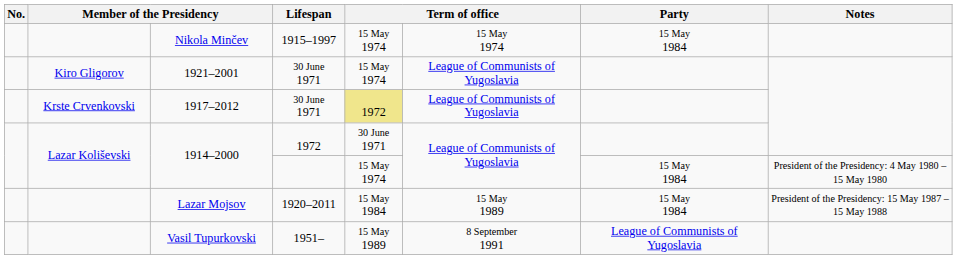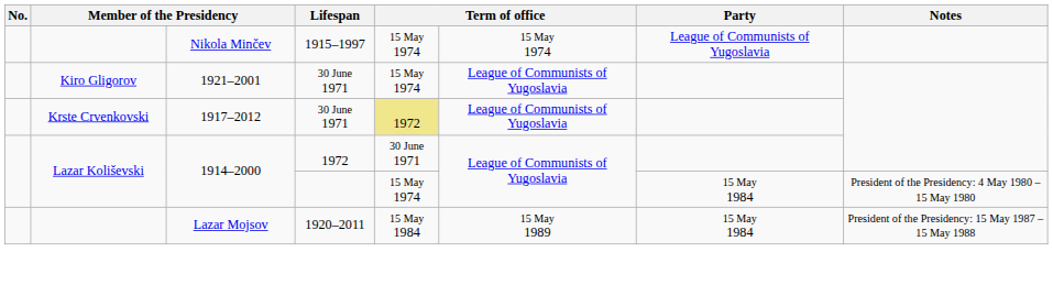 <table class="wikitable" style="text-align:center">
 <tr>
 <th>No.</th>
 <th colspan="2">Member of the Presidency</th>
 <th>Lifespan</th>
 <th colspan="2">Term of office</th>
 <th>Party</th>
 <th>Notes</th>
 </tr>
 <tr>
 <td style="background: "></td>
 <td style="width:1em;"></td>
 <td style="width:11em;"><a href='#'>Nikola Minčev</a></td>
 <td style="width:6em;">1915–1997</td>
 <td style="width:5em;"><small>15 May</small><br>1974</td>
 <td style="width:5em;"><small>15 May</small><br>1974</td>
-<td style="width:5em;"><small>15 May</small><br>1984</td>
+<td style="width:17em;"><a href='#'>League of Communists of Yugoslavia</a></td>
 <td style="width:18em;"><small></small></td>
 </tr>
 <tr>
 <td style="width:1em;"></td>
 <td style="width:11em;"><a href='#'>Kiro Gligorov</a></td>
 <td style="width:6em;">1921–2001</td>
 <td style="width:5em;"><small>30 June</small><br>1971</td>
 <td style="width:5em;"><small>15 May</small><br>1974</td>
 <td style="width:17em;"><a href='#'>League of Communists of Yugoslavia</a></td>
 <td style="width:18em;"><small></small></td>
 </tr>
 <tr>
 <td style="width:1em;"></td>
 <td style="width:11em;"><a href='#'>Krste Crvenkovski</a></td>
 <td style="width:6em;">1917–2012</td>
 <td style="width:5em;"><small>30 June</small><br>1971</td>
 <td style="background: khaki; width:5em;"><small></small><br>1972</td>
 <td style="width:17em;"><a href='#'>League of Communists of Yugoslavia</a></td>
 <td style="width:18em;"><small></small></td>
 </tr>
 <tr>
 <td rowspan="2" style="width:1em;"></td>
 <td rowspan="2" style="width:11em;"><a href='#'>Lazar Koliševski</a></td>
 <td rowspan="2" style="width:6em;">1914–2000</td>
 <td style="width:5em;"><small></small><br>1972</td>
 <td style="width:5em;"><small>30 June</small><br>1971</td>
 <td rowspan="2" style="width:17em;"><a href='#'>League of Communists of Yugoslavia</a></td>
 <td style="width:18em;"><small></small></td>
 </tr>
 <tr>
 <td style="background: "></td>
 <td style="width:5em;"><small>15 May</small><br>1974</td>
 <td style="width:5em;"><small>15 May</small><br>1984</td>
 <td style="width:18em;"><small>President of the Presidency: 4 May 1980 – 15 May 1980</small></td>
 </tr>
 <tr>
 <td style="background: "></td>
 <td style="width:1em;"></td>
 <td style="width:11em;"><a href='#'>Lazar Mojsov</a></td>
 <td style="width:6em;">1920–2011</td>
 <td style="width:5em;"><small>15 May</small><br>1984</td>
 <td style="width:5em;"><small>15 May</small><br>1989</td>
 <td style="width:5em;"><small>15 May</small><br>1984</td>
 <td style="width:18em;"><small>President of the Presidency: 15 May 1987 – 15 May 1988</small></td>
 </tr>
-<tr>
-<td style="background: "></td>
-<td style="width:1em;"></td>
-<td style="width:11em;"><a href='#'>Vasil Tupurkovski</a></td>
-<td style="width:6em;">1951–</td>
-<td style="width:5em;"><small>15 May</small><br>1989</td>
-<td style="width:5em;"><small>8 September</small><br>1991</td>
-<td style="width:17em;"><a href='#'>League of Communists of Yugoslavia</a></td>
-<td style="width:18em;"><small></small></td>
-</tr>
 </table>
